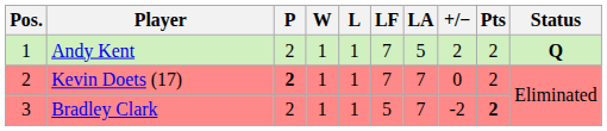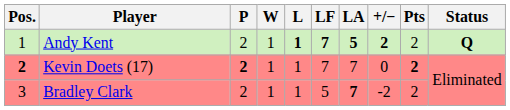 <table class="wikitable" style="text-align:center; margin: 1em auto 1em auto, align:left">
 <tr>
 <th width=20>Pos.</th>
 <th width=185>Player</th>
 <th width=20>P</th>
 <th width=20>W</th>
 <th width=20>L</th>
 <th width=20>LF</th>
 <th width=20>LA</th>
 <th width=25>+/−</th>
 <th width=20>Pts</th>
 <th width=70>Status</th>
 </tr>
 <tr style="background:#D0F0C0;">
 <td>1</td>
 <td align=left> <a href='#'>Andy Kent</a></td>
 <td>2</td>
 <td>1</td>
-<td>1</td>
-<td>7</td>
-<td>5</td>
-<td>2</td>
+<td><strong>1</strong></td>
+<td><strong>7</strong></td>
+<td><strong>5</strong></td>
+<td><strong>2</strong></td>
 <td>2</td>
 <td rowspan=1><strong>Q</strong></td>
 </tr>
 <tr style="background:#FF8888;">
-<td>2</td>
+<td><strong>2</strong></td>
 <td align=left> <a href='#'>Kevin Doets</a> (17)</td>
 <td><strong>2</strong></td>
 <td>1</td>
 <td>1</td>
 <td>7</td>
 <td>7</td>
 <td>0</td>
-<td>2</td>
+<td><strong>2</strong></td>
 <td rowspan=2>Eliminated</td>
 </tr>
 <tr style="background:#FF8888;">
 <td>3</td>
 <td align=left> <a href='#'>Bradley Clark</a></td>
 <td>2</td>
 <td>1</td>
 <td>1</td>
 <td>5</td>
-<td>7</td>
+<td><strong>7</strong></td>
 <td>-2</td>
-<td><strong>2</strong></td>
+<td>2</td>
 </tr>
 </table>
